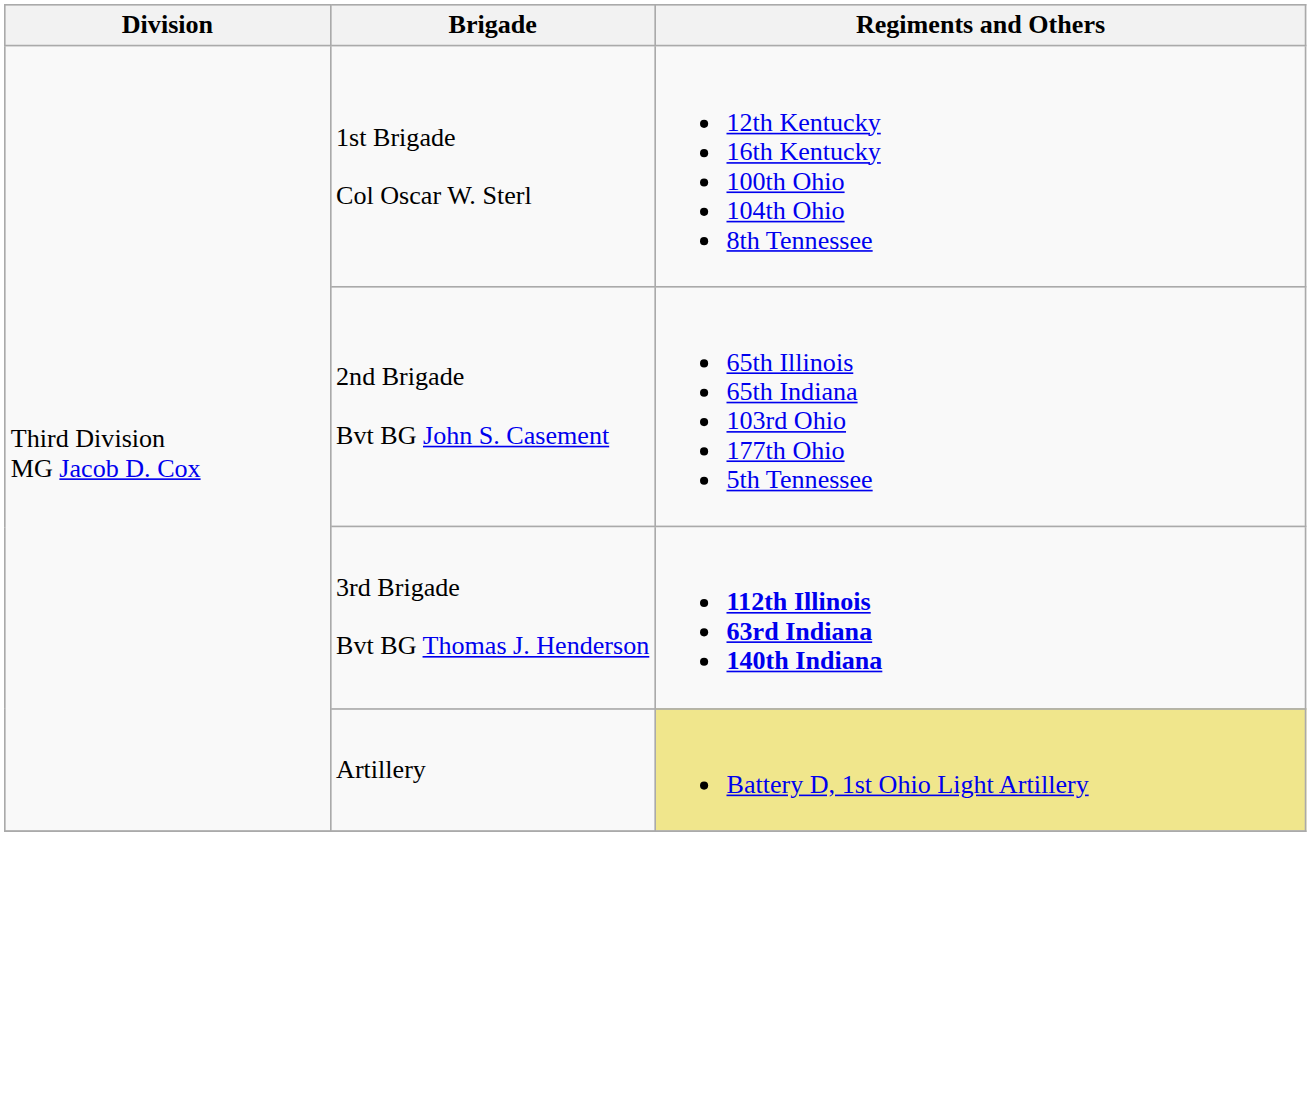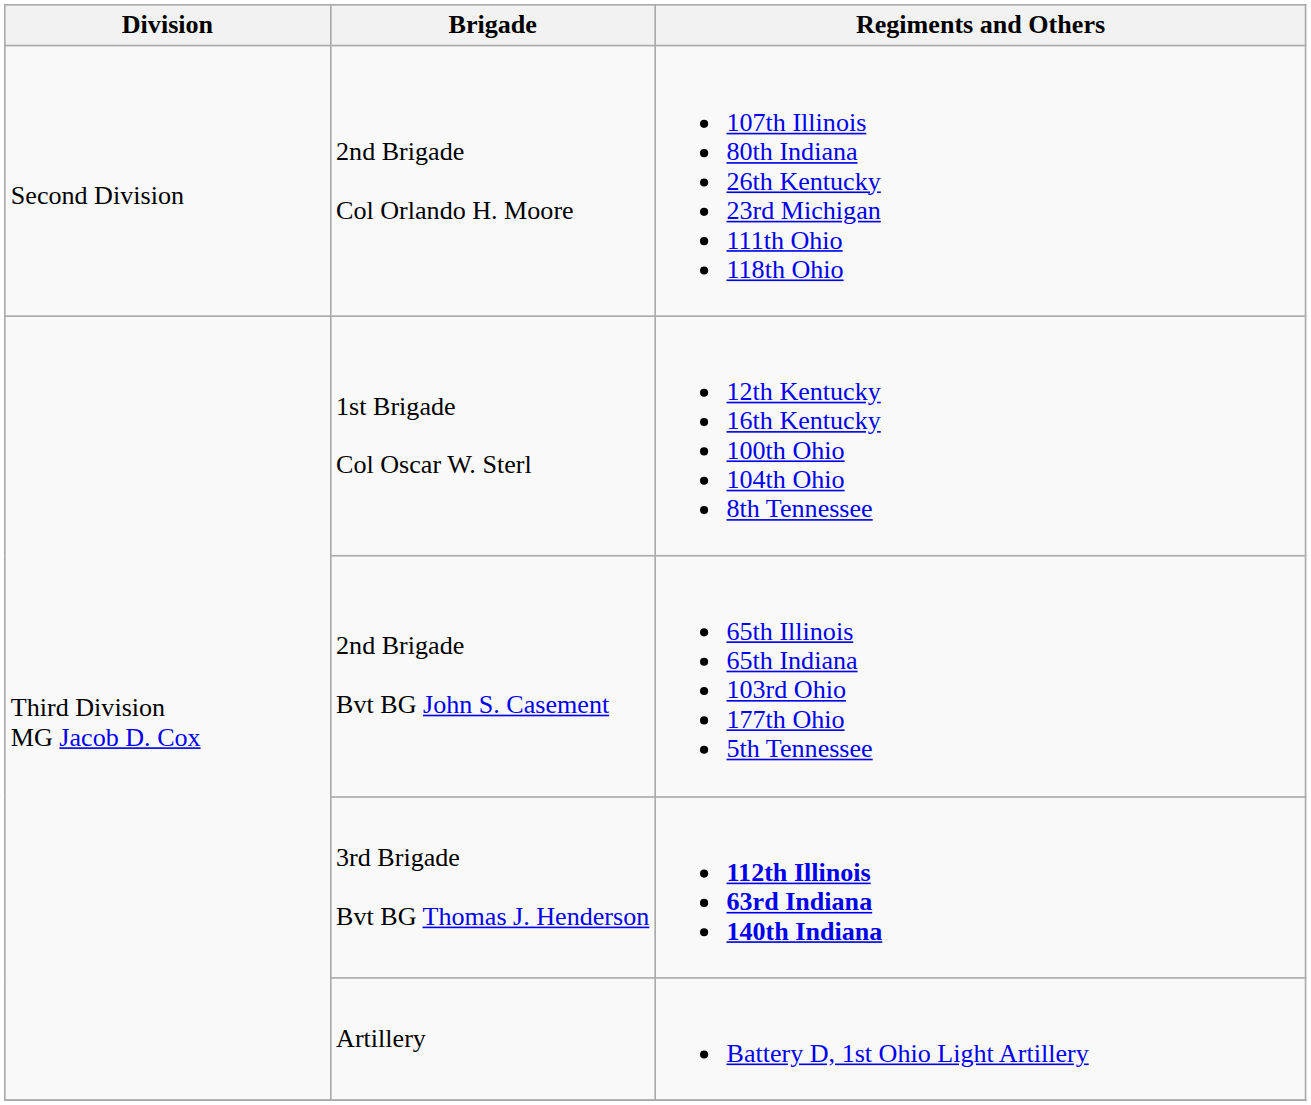 <table class="wikitable">
 <tr>
 <th width=25%>Division</th>
 <th width=25%>Brigade</th>
 <th>Regiments and Others</th>
+</tr>
+<tr>
+<td rowspan=1><br>Second Division</td>
+<td>2nd Brigade<br><br> Col Orlando H. Moore</td>
+<td><br><ul><li><a href='#'>107th Illinois</a></li><li><a href='#'>80th Indiana</a></li><li><a href='#'>26th Kentucky</a></li><li><a href='#'>23rd Michigan</a></li><li><a href='#'>111th Ohio</a></li><li><a href='#'>118th Ohio</a></li></ul></td>
 </tr>
 <tr>
 <td rowspan= 4><br>Third Division <br> MG <a href='#'>Jacob D. Cox</a></td>
 <td>1st Brigade<br><br> Col Oscar W. Sterl</td>
 <td><br><ul><li><a href='#'>12th Kentucky</a></li><li><a href='#'>16th Kentucky</a></li><li><a href='#'>100th Ohio</a></li><li><a href='#'>104th Ohio</a></li><li><a href='#'>8th Tennessee</a></li></ul></td>
 </tr>
 <tr>
 <td>2nd Brigade<br><br> Bvt BG <a href='#'>John S. Casement</a></td>
 <td><br><ul><li><a href='#'>65th Illinois</a></li><li><a href='#'>65th Indiana</a></li><li><a href='#'>103rd Ohio</a></li><li><a href='#'>177th Ohio</a></li><li><a href='#'>5th Tennessee</a></li></ul></td>
 </tr>
 <tr>
 <td>3rd Brigade<br><br> Bvt BG <a href='#'>Thomas J. Henderson</a></td>
 <td><strong><br><ul><li><a href='#'>112th Illinois</a></li><li><a href='#'>63rd Indiana</a></li><li><a href='#'>140th Indiana</a></li></ul></strong></td>
 </tr>
 <tr>
 <td>Artillery</td>
-<td style="background: khaki;"><br><ul><li><a href='#'>Battery D, 1st Ohio Light Artillery</a></li></ul></td>
+<td><br><ul><li><a href='#'>Battery D, 1st Ohio Light Artillery</a></li></ul></td>
 </tr>
 <tr>
 </tr>
 </table>
